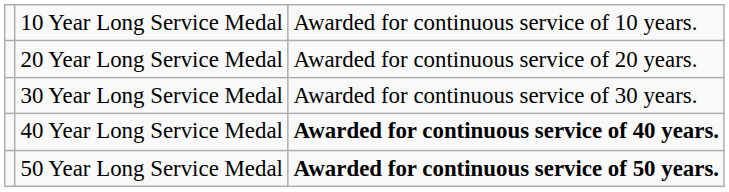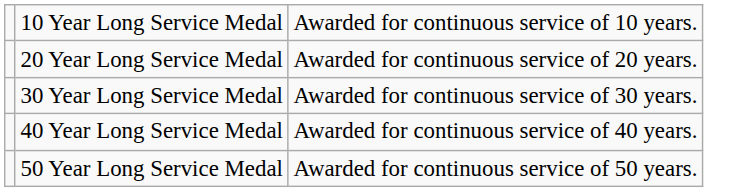 <table class="wikitable">
 <tr>
 <td></td>
 <td>10 Year Long Service Medal</td>
 <td>Awarded for continuous service of 10 years.</td>
 </tr>
 <tr>
 <td></td>
 <td>20 Year Long Service Medal</td>
 <td>Awarded for continuous service of 20 years.</td>
 </tr>
 <tr>
 <td></td>
 <td>30 Year Long Service Medal</td>
 <td>Awarded for continuous service of 30 years.</td>
 </tr>
 <tr>
 <td></td>
 <td>40 Year Long Service Medal</td>
-<td><strong>Awarded for continuous service of 40 years.</strong></td>
+<td>Awarded for continuous service of 40 years.</td>
 </tr>
 <tr>
 <td></td>
 <td>50 Year Long Service Medal</td>
-<td><strong>Awarded for continuous service of 50 years.</strong></td>
+<td>Awarded for continuous service of 50 years.</td>
 </tr>
 </table>
